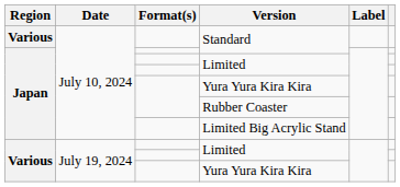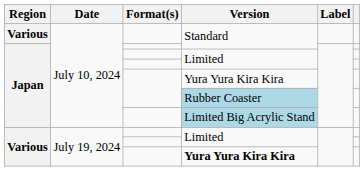 <table class="wikitable plainrowheaders">
 <tr>
 <th scope="col">Region</th>
 <th scope="col">Date</th>
 <th scope="col">Format(s)</th>
 <th scope="col">Version</th>
 <th scope="col">Label</th>
 <th scope="col"></th>
 </tr>
 <tr>
 <th scope="row">Various</th>
 <td rowspan="7">July 10, 2024</td>
 <td></td>
 <td rowspan="2">Standard</td>
 <td></td>
 <td align="center"></td>
 </tr>
 <tr>
 <th scope="row" rowspan="6">Japan</th>
 <td></td>
 <td rowspan="6"></td>
 <td align="center"></td>
 </tr>
 <tr>
 <td></td>
 <td rowspan="2">Limited</td>
 <td align="center"></td>
 </tr>
 <tr>
 <td></td>
 <td align="center"></td>
 </tr>
 <tr>
 <td rowspan="2"></td>
 <td>Yura Yura Kira Kira</td>
 <td align="center"></td>
 </tr>
 <tr>
-<td>Rubber Coaster</td>
+<td style="background: lightblue;">Rubber Coaster</td>
 <td align="center"></td>
 </tr>
 <tr>
 <td></td>
-<td>Limited Big Acrylic Stand</td>
+<td style="background: lightblue;">Limited Big Acrylic Stand</td>
 <td align="center"></td>
 </tr>
 <tr>
 <th scope="row" rowspan="3">Various</th>
 <td rowspan="3">July 19, 2024</td>
 <td></td>
 <td rowspan="2">Limited</td>
 <td rowspan="3"></td>
 <td align="center"></td>
 </tr>
 <tr>
 <td></td>
 <td align="center"></td>
 </tr>
 <tr>
 <td></td>
-<td>Yura Yura Kira Kira</td>
+<td><strong>Yura Yura Kira Kira</strong></td>
 <td align="center"></td>
 </tr>
 </table>
